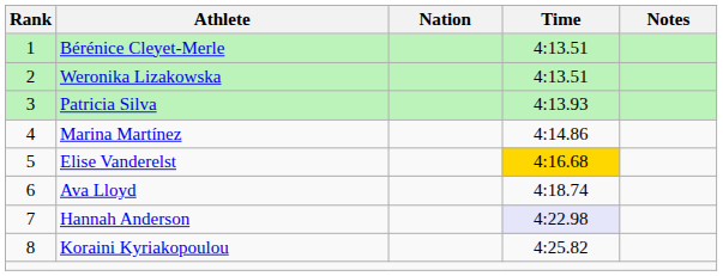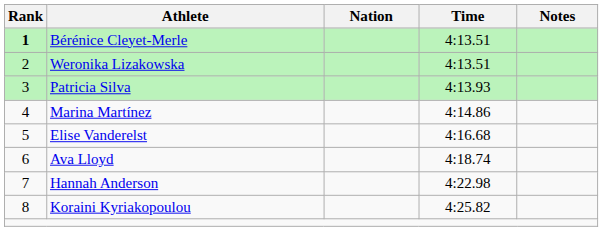 <table class="wikitable sortable" style="text-align:center;width: 50%;">
 <tr>
 <th scope="col" style="width: 10px;">Rank</th>
 <th scope="col">Athlete</th>
 <th scope="col">Nation</th>
 <th scope="col">Time</th>
 <th scope="col">Notes</th>
 </tr>
 <tr bgcolor=bbf3bb>
-<td>1</td>
+<td><strong>1</strong></td>
 <td align=left><a href='#'>Bérénice Cleyet-Merle</a></td>
 <td align=left></td>
 <td>4:13.51</td>
 <td></td>
 </tr>
 <tr bgcolor=bbf3bb>
 <td>2</td>
 <td align=left><a href='#'>Weronika Lizakowska</a></td>
 <td align=left></td>
 <td>4:13.51</td>
 <td></td>
 </tr>
 <tr bgcolor=bbf3bb>
 <td>3</td>
 <td align=left><a href='#'>Patricia Silva</a></td>
 <td align=left></td>
 <td>4:13.93</td>
 <td></td>
 </tr>
 <tr>
 <td>4</td>
 <td align=left><a href='#'>Marina Martínez</a></td>
 <td align=left></td>
 <td>4:14.86</td>
 <td></td>
 </tr>
 <tr>
 <td>5</td>
 <td align=left><a href='#'>Elise Vanderelst</a></td>
 <td align=left></td>
-<td style="background: gold;">4:16.68</td>
+<td>4:16.68</td>
 <td></td>
 </tr>
 <tr>
 <td>6</td>
 <td align=left><a href='#'>Ava Lloyd</a></td>
 <td align=left></td>
 <td>4:18.74</td>
 <td></td>
 </tr>
 <tr>
 <td>7</td>
 <td align=left><a href='#'>Hannah Anderson</a></td>
 <td align=left></td>
-<td style="background: lavender;">4:22.98</td>
+<td>4:22.98</td>
 <td></td>
 </tr>
 <tr>
 <td>8</td>
 <td align=left><a href='#'>Koraini Kyriakopoulou</a></td>
 <td align=left></td>
 <td>4:25.82</td>
 <td></td>
 </tr>
 <tr class="sortbottom">
 <td colspan="5"></td>
 </tr>
 </table>
